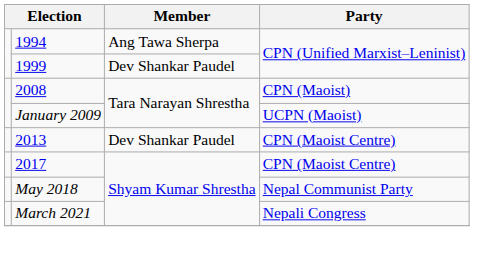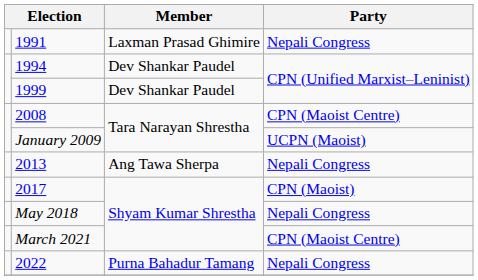 <table class="wikitable">
 <tr>
 <th colspan="2">Election</th>
 <th>Member</th>
 <th>Party</th>
 </tr>
 <tr>
+<td style="background-color:"></td>
+<td><a href='#'>1991</a></td>
+<td>Laxman Prasad Ghimire</td>
+<td><a href='#'>Nepali Congress</a></td>
+</tr>
+<tr>
 <td rowspan="2" style="background-color:"></td>
 <td><a href='#'>1994</a></td>
-<td>Ang Tawa Sherpa</td>
+<td>Dev Shankar Paudel</td>
 <td rowspan="2"><a href='#'>CPN (Unified Marxist–Leninist)</a></td>
 </tr>
 <tr>
 <td><a href='#'>1999</a></td>
 <td>Dev Shankar Paudel</td>
 </tr>
 <tr>
 <td rowspan="2" style="background-color:"></td>
 <td><a href='#'>2008</a></td>
 <td rowspan="2">Tara Narayan Shrestha</td>
-<td><a href='#'>CPN (Maoist)</a></td>
+<td><a href='#'>CPN (Maoist Centre)</a></td>
 </tr>
 <tr>
 <td><em>January 2009</em></td>
 <td><a href='#'>UCPN (Maoist)</a></td>
 </tr>
 <tr>
 <td style="background-color:"></td>
 <td><a href='#'>2013</a></td>
-<td>Dev Shankar Paudel</td>
-<td><a href='#'>CPN (Maoist Centre)</a></td>
+<td>Ang Tawa Sherpa</td>
+<td><a href='#'>Nepali Congress</a></td>
 </tr>
 <tr>
 <td style="background-color:"></td>
 <td><a href='#'>2017</a></td>
 <td rowspan="3"><a href='#'>Shyam Kumar Shrestha</a></td>
+<td><a href='#'>CPN (Maoist)</a></td>
+</tr>
+<tr>
+<td style="background-color:"></td>
+<td><em>May 2018</em></td>
+<td><a href='#'>Nepali Congress</a></td>
+</tr>
+<tr>
+<td></td>
+<td><em>March 2021</em></td>
 <td><a href='#'>CPN (Maoist Centre)</a></td>
 </tr>
 <tr>
 <td style="background-color:"></td>
-<td><em>May 2018</em></td>
-<td><a href='#'>Nepal Communist Party</a></td>
-</tr>
-<tr>
-<td></td>
-<td><em>March 2021</em></td>
+<td><a href='#'>2022</a></td>
+<td><a href='#'>Purna Bahadur Tamang</a></td>
 <td><a href='#'>Nepali Congress</a></td>
 </tr>
 <tr>
 </tr>
 </table>
